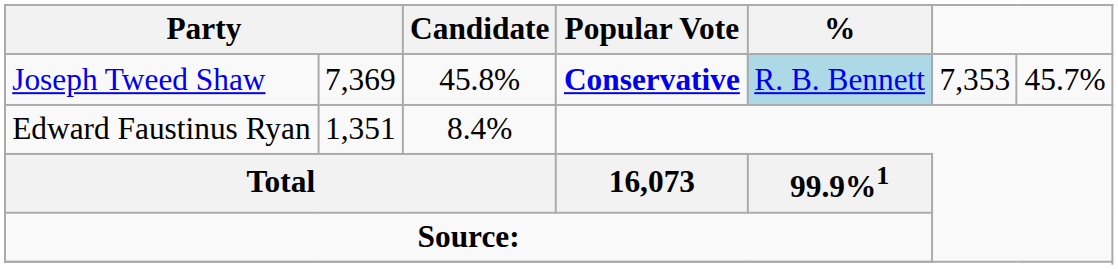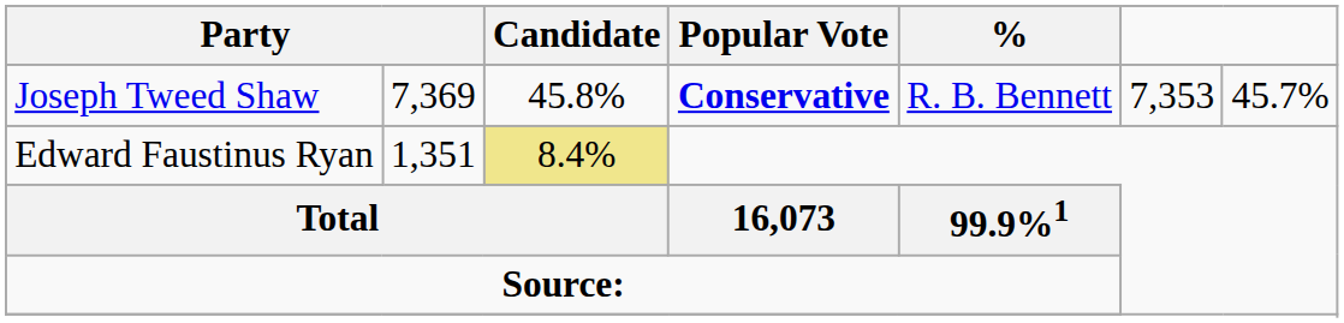 <table class="wikitable">
 <tr>
 <th colspan="2">Party</th>
 <th>Candidate</th>
 <th>Popular Vote</th>
 <th>%</th>
 </tr>
 <tr>
 <td> <a href='#'>Joseph Tweed Shaw</a></td>
 <td align=center>7,369</td>
 <td align=center>45.8%<br></td>
 <td><strong><a href='#'>Conservative</a></strong></td>
-<td style="background: lightblue;"><a href='#'>R. B. Bennett</a></td>
+<td><a href='#'>R. B. Bennett</a></td>
 <td align=center>7,353</td>
 <td align=center>45.7%</td>
 </tr>
 <tr>
 <td>Edward Faustinus Ryan</td>
 <td align=center>1,351</td>
-<td align=center>8.4%</td>
+<td align=center style="background: khaki;">8.4%</td>
 </tr>
 <tr>
 <th colspan=3>Total</th>
 <th>16,073</th>
 <th>99.9%<sup>1</sup></th>
 </tr>
 <tr>
 <td align="center" colspan=5><strong>Source:</strong> </td>
 </tr>
 <tr>
 </tr>
 </table>
